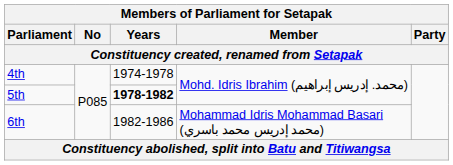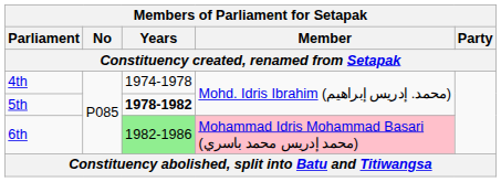 <table class=wikitable>
 <tr>
 <th colspan=5>Members of Parliament for Setapak</th>
 </tr>
 <tr>
 <th>Parliament</th>
 <th>No</th>
 <th>Years</th>
 <th>Member</th>
 <th>Party</th>
 </tr>
 <tr>
 <th colspan="5" align="center"><em>Constituency created, renamed from <a href='#'>Setapak</a></em></th>
 </tr>
 <tr>
 <td><a href='#'>4th</a></td>
 <td rowspan="3">P085</td>
 <td>1974-1978</td>
 <td rowspan=2><a href='#'>Mohd. Idris Ibrahim</a> (محمد. إدريس إبراهيم)</td>
 <td rowspan=3></td>
 </tr>
 <tr>
 <td><a href='#'>5th</a></td>
 <td><strong>1978-1982</strong></td>
 </tr>
 <tr>
 <td><a href='#'>6th</a></td>
-<td>1982-1986</td>
-<td><a href='#'>Mohammad Idris Mohammad Basari</a> <br> (محمد إدريس محمد باسري)</td>
+<td style="background: lightgreen;">1982-1986</td>
+<td style="background: pink;"><a href='#'>Mohammad Idris Mohammad Basari</a> <br> (محمد إدريس محمد باسري)</td>
 </tr>
 <tr>
 <th colspan="5" align="center"><em>Constituency abolished, split into <a href='#'>Batu</a> and <a href='#'>Titiwangsa</a></em></th>
 </tr>
 </table>
